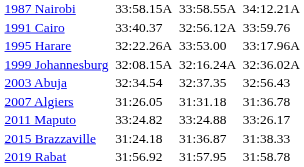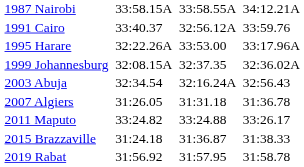 <table>
 <tr valign="top">
 <td><a href='#'>1987 Nairobi</a><br></td>
 <td></td>
 <td>33:58.15A</td>
 <td></td>
 <td>33:58.55A</td>
 <td></td>
 <td>34:12.21A</td>
 </tr>
 <tr valign="top">
 <td><a href='#'>1991 Cairo</a><br></td>
 <td></td>
 <td>33:40.37</td>
 <td></td>
 <td>32:56.12A</td>
 <td></td>
 <td>33:59.76</td>
 </tr>
 <tr valign="top">
 <td><a href='#'>1995 Harare</a><br></td>
 <td></td>
 <td>32:22.26A</td>
 <td></td>
 <td>33:53.00</td>
 <td></td>
 <td>33:17.96A</td>
 </tr>
 <tr valign="top">
 <td><a href='#'>1999 Johannesburg</a><br></td>
 <td></td>
 <td>32:08.15A</td>
 <td></td>
-<td>32:16.24A</td>
+<td>32:37.35</td>
 <td></td>
 <td>32:36.02A</td>
 </tr>
 <tr valign="top">
 <td><a href='#'>2003 Abuja</a><br></td>
 <td></td>
 <td>32:34.54</td>
 <td></td>
-<td>32:37.35</td>
+<td>32:16.24A</td>
 <td></td>
 <td>32:56.43</td>
 </tr>
 <tr valign="top">
 <td><a href='#'>2007 Algiers</a><br></td>
 <td></td>
 <td>31:26.05</td>
 <td></td>
 <td>31:31.18</td>
 <td></td>
 <td>31:36.78</td>
 </tr>
 <tr valign="top">
 <td><a href='#'>2011 Maputo</a><br></td>
 <td></td>
 <td>33:24.82</td>
 <td></td>
 <td>33:24.88</td>
 <td></td>
 <td>33:26.17</td>
 </tr>
 <tr valign="top">
 <td><a href='#'>2015 Brazzaville</a><br></td>
 <td></td>
 <td>31:24.18</td>
 <td></td>
 <td>31:36.87</td>
 <td></td>
 <td>31:38.33</td>
 </tr>
 <tr valign="top">
 <td><a href='#'>2019 Rabat</a><br></td>
 <td></td>
 <td>31:56.92</td>
 <td></td>
 <td>31:57.95</td>
 <td></td>
 <td>31:58.78</td>
 </tr>
 </table>
